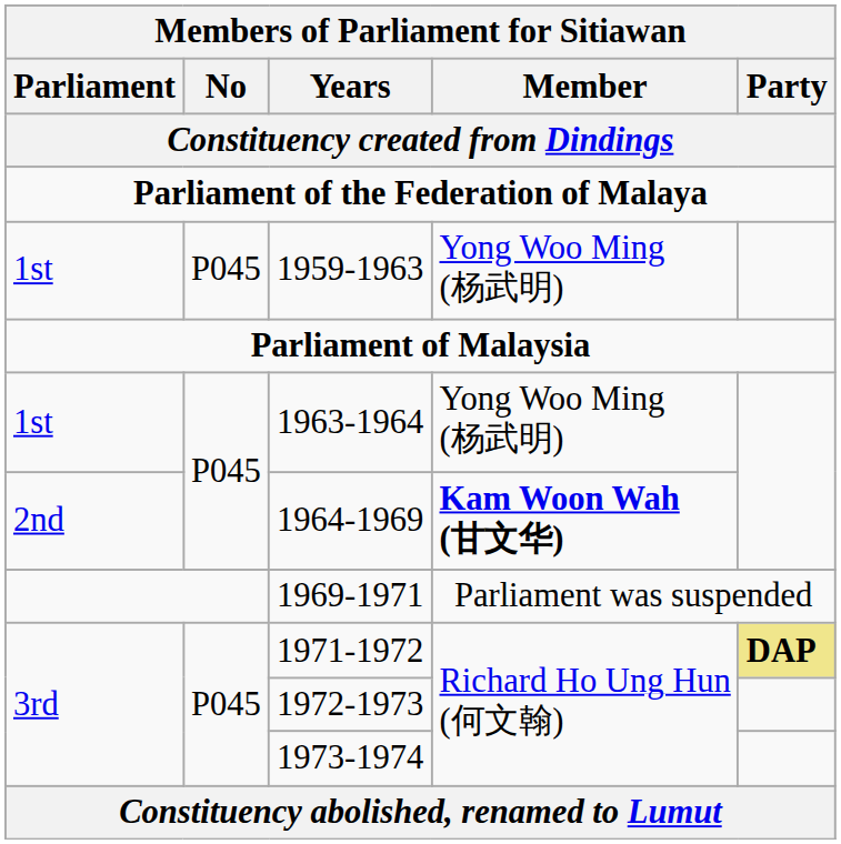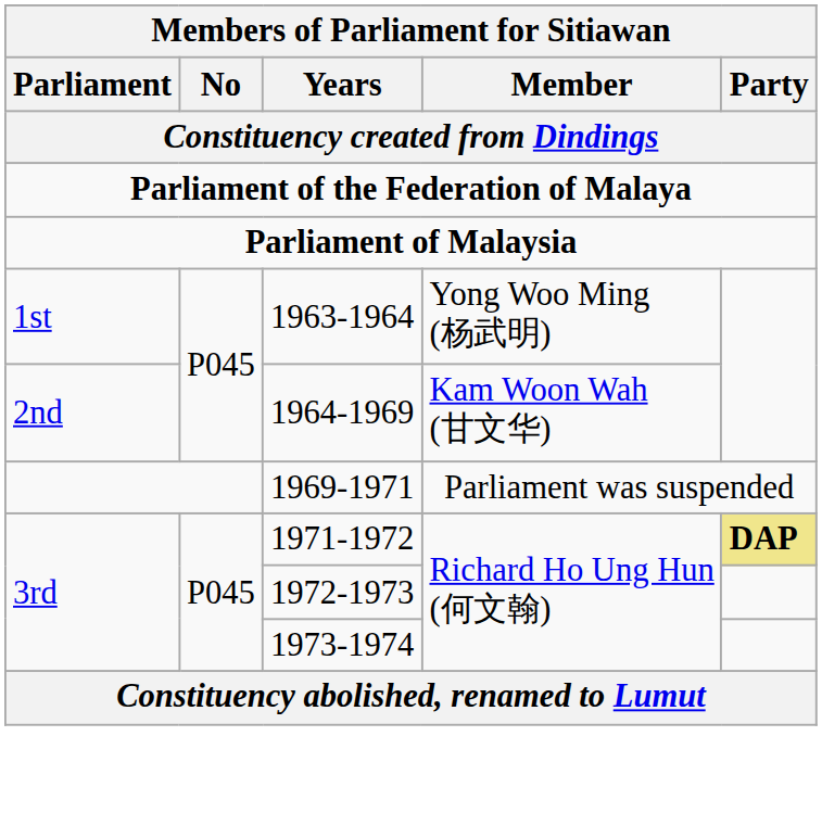 <table class=wikitable>
 <tr>
 <th colspan="5">Members of Parliament for Sitiawan</th>
 </tr>
 <tr>
 <th>Parliament</th>
 <th>No</th>
 <th>Years</th>
 <th>Member</th>
 <th>Party</th>
 </tr>
 <tr>
 <th colspan="5" align="center"><em>Constituency created from <a href='#'>Dindings</a></em></th>
 </tr>
 <tr>
 <td colspan="5" align="center"><strong>Parliament of the Federation of Malaya</strong></td>
 </tr>
 <tr>
-<td><a href='#'>1st</a></td>
-<td>P045</td>
-<td>1959-1963</td>
-<td><a href='#'>Yong Woo Ming</a>  <br>(杨武明)</td>
-<td></td>
-</tr>
-<tr>
 <td colspan="5" align="center"><strong>Parliament of Malaysia</strong></td>
 </tr>
 <tr>
 <td><a href='#'>1st</a></td>
 <td rowspan="2">P045</td>
 <td>1963-1964</td>
 <td>Yong Woo Ming  <br>(杨武明)</td>
 <td rowspan="2"></td>
 </tr>
 <tr>
 <td><a href='#'>2nd</a></td>
 <td>1964-1969</td>
-<td><strong><a href='#'>Kam Woon Wah</a>  <br>(甘文华)</strong></td>
+<td><a href='#'>Kam Woon Wah</a>  <br>(甘文华)</td>
 </tr>
 <tr>
 <td colspan="2"></td>
 <td>1969-1971</td>
 <td colspan=2 align=center>Parliament was suspended</td>
 </tr>
 <tr>
 <td rowspan=3><a href='#'>3rd</a></td>
 <td rowspan="3">P045</td>
 <td>1971-1972</td>
 <td rowspan=3><a href='#'>Richard Ho Ung Hun</a>  <br>(何文翰)</td>
 <td style="background: khaki;"><strong>DAP</strong></td>
 </tr>
 <tr>
 <td>1972-1973</td>
 <td></td>
 </tr>
 <tr>
 <td>1973-1974</td>
 <td></td>
 </tr>
 <tr>
 <th colspan="5" align="center"><em>Constituency abolished, renamed to <a href='#'>Lumut</a></em></th>
 </tr>
 </table>
